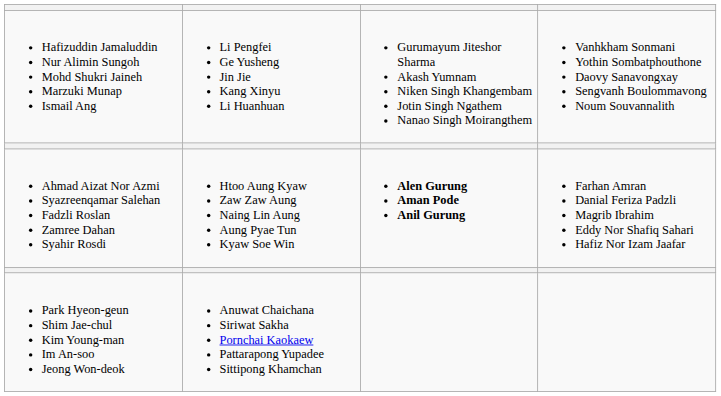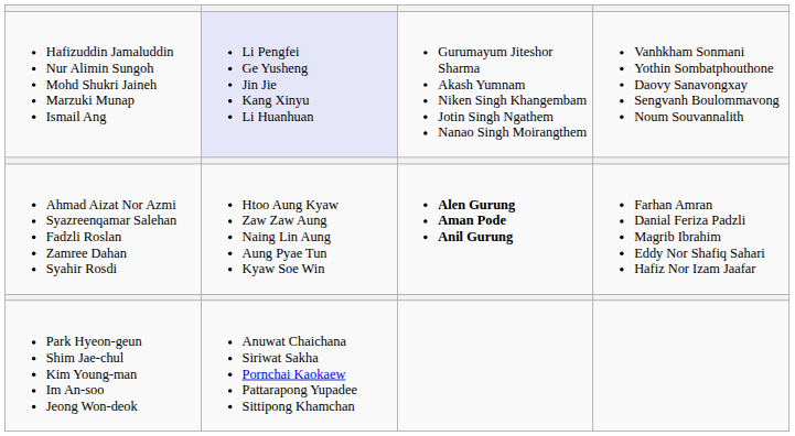 <table class="wikitable" style="font-size:90%">
 <tr>
 <th width=200></th>
 <th width=200></th>
 <th width=200></th>
 <th width=200></th>
 </tr>
 <tr>
 <td valign=top><br><ul><li>Hafizuddin Jamaluddin</li><li>Nur Alimin Sungoh</li><li>Mohd Shukri Jaineh</li><li>Marzuki Munap</li><li>Ismail Ang</li></ul></td>
-<td valign=top><br><ul><li>Li Pengfei</li><li>Ge Yusheng</li><li>Jin Jie</li><li>Kang Xinyu</li><li>Li Huanhuan</li></ul></td>
+<td valign=top style="background: lavender;"><br><ul><li>Li Pengfei</li><li>Ge Yusheng</li><li>Jin Jie</li><li>Kang Xinyu</li><li>Li Huanhuan</li></ul></td>
 <td valign=top><br><ul><li>Gurumayum Jiteshor Sharma</li><li>Akash Yumnam</li><li>Niken Singh Khangembam</li><li>Jotin Singh Ngathem</li><li>Nanao Singh Moirangthem</li></ul></td>
 <td valign=top><br><ul><li>Vanhkham Sonmani</li><li>Yothin Sombatphouthone</li><li>Daovy Sanavongxay</li><li>Sengvanh Boulommavong</li><li>Noum Souvannalith</li></ul></td>
 </tr>
 <tr>
 <th></th>
 <th></th>
 <th></th>
 <th></th>
 </tr>
 <tr>
 <td valign=top><br><ul><li>Ahmad Aizat Nor Azmi</li><li>Syazreenqamar Salehan</li><li>Fadzli Roslan</li><li>Zamree Dahan</li><li>Syahir Rosdi</li></ul></td>
 <td valign=top><br><ul><li>Htoo Aung Kyaw</li><li>Zaw Zaw Aung</li><li>Naing Lin Aung</li><li>Aung Pyae Tun</li><li>Kyaw Soe Win</li></ul></td>
 <td valign=top><strong><br><ul><li>Alen Gurung</li><li>Aman Pode</li><li>Anil Gurung</li></ul></strong></td>
 <td valign=top><br><ul><li>Farhan Amran</li><li>Danial Feriza Padzli</li><li>Magrib Ibrahim</li><li>Eddy Nor Shafiq Sahari</li><li>Hafiz Nor Izam Jaafar</li></ul></td>
 </tr>
 <tr>
 <th></th>
 <th></th>
 <th></th>
 <th></th>
 </tr>
 <tr>
 <td valign=top><br><ul><li>Park Hyeon-geun</li><li>Shim Jae-chul</li><li>Kim Young-man</li><li>Im An-soo</li><li>Jeong Won-deok</li></ul></td>
 <td valign=top><br><ul><li>Anuwat Chaichana</li><li>Siriwat Sakha</li><li><a href='#'>Pornchai Kaokaew</a></li><li>Pattarapong Yupadee</li><li>Sittipong Khamchan</li></ul></td>
 <td valign=top></td>
 <td valign=top></td>
 </tr>
 </table>
